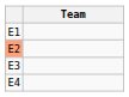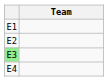 <table class="wikitable" style="display:inline-table;">
 <tr>
 <th></th>
 <th width=120>Team</th>
 </tr>
 <tr>
 <td align=center>E1</td>
 <td></td>
 </tr>
 <tr>
-<td align=center style="background: lightsalmon;">E2</td>
+<td align=center>E2</td>
 <td></td>
 </tr>
 <tr>
-<td align=center>E3</td>
+<td align=center style="background: lightgreen;">E3</td>
 <td></td>
 </tr>
 <tr>
 <td align=center>E4</td>
 <td></td>
 </tr>
 </table>
